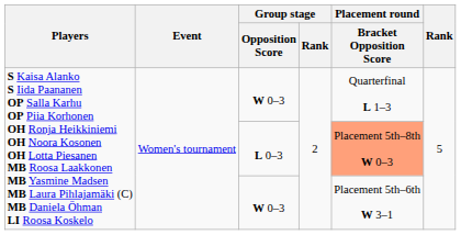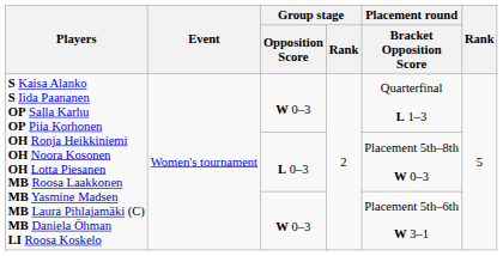 <table class=wikitable style="align:center; white-space:nowrap">
 <tr>
 <th rowspan=2>Players</th>
 <th rowspan=2>Event</th>
 <th colspan=2>Group stage</th>
 <th>Placement round</th>
 <th rowspan=2>Rank</th>
 </tr>
 <tr>
 <th>Opposition<br>Score</th>
 <th>Rank</th>
 <th>Bracket<br>Opposition<br>Score</th>
 </tr>
 <tr align=center>
 <td align=left rowspan=3><strong>S</strong> <a href='#'>Kaisa Alanko</a><br><strong>S</strong> <a href='#'>Iida Paananen</a><br><strong>OP</strong> <a href='#'>Salla Karhu</a><br><strong>OP</strong> <a href='#'>Piia Korhonen</a><br><strong>OH</strong> <a href='#'>Ronja Heikkiniemi</a><br><strong>OH</strong> <a href='#'>Noora Kosonen</a><br><strong>OH</strong> <a href='#'>Lotta Piesanen</a><br><strong>MB</strong> <a href='#'>Roosa Laakkonen</a><br><strong>MB</strong> <a href='#'>Yasmine Madsen</a><br><strong>MB</strong> <a href='#'>Laura Pihlajamäki</a> (C)<br><strong>MB</strong> <a href='#'>Daniela Öhman</a><br><strong>LI</strong> <a href='#'>Roosa Koskelo</a></td>
 <td align=left rowspan=3><a href='#'>Women's tournament</a></td>
 <td><br><strong>W</strong> 0–3</td>
 <td rowspan=3>2</td>
 <td>Quarterfinal<br><br><strong>L</strong> 1–3</td>
 <td rowspan=3>5</td>
 </tr>
 <tr align=center>
 <td><br><strong>L</strong> 0–3</td>
-<td style="background: lightsalmon;">Placement 5th–8th<br><br><strong>W</strong> 0–3</td>
+<td>Placement 5th–8th<br><br><strong>W</strong> 0–3</td>
 </tr>
 <tr align=center>
 <td><br><strong>W</strong> 0–3</td>
 <td>Placement 5th–6th<br><br><strong>W</strong> 3–1</td>
 </tr>
 </table>
